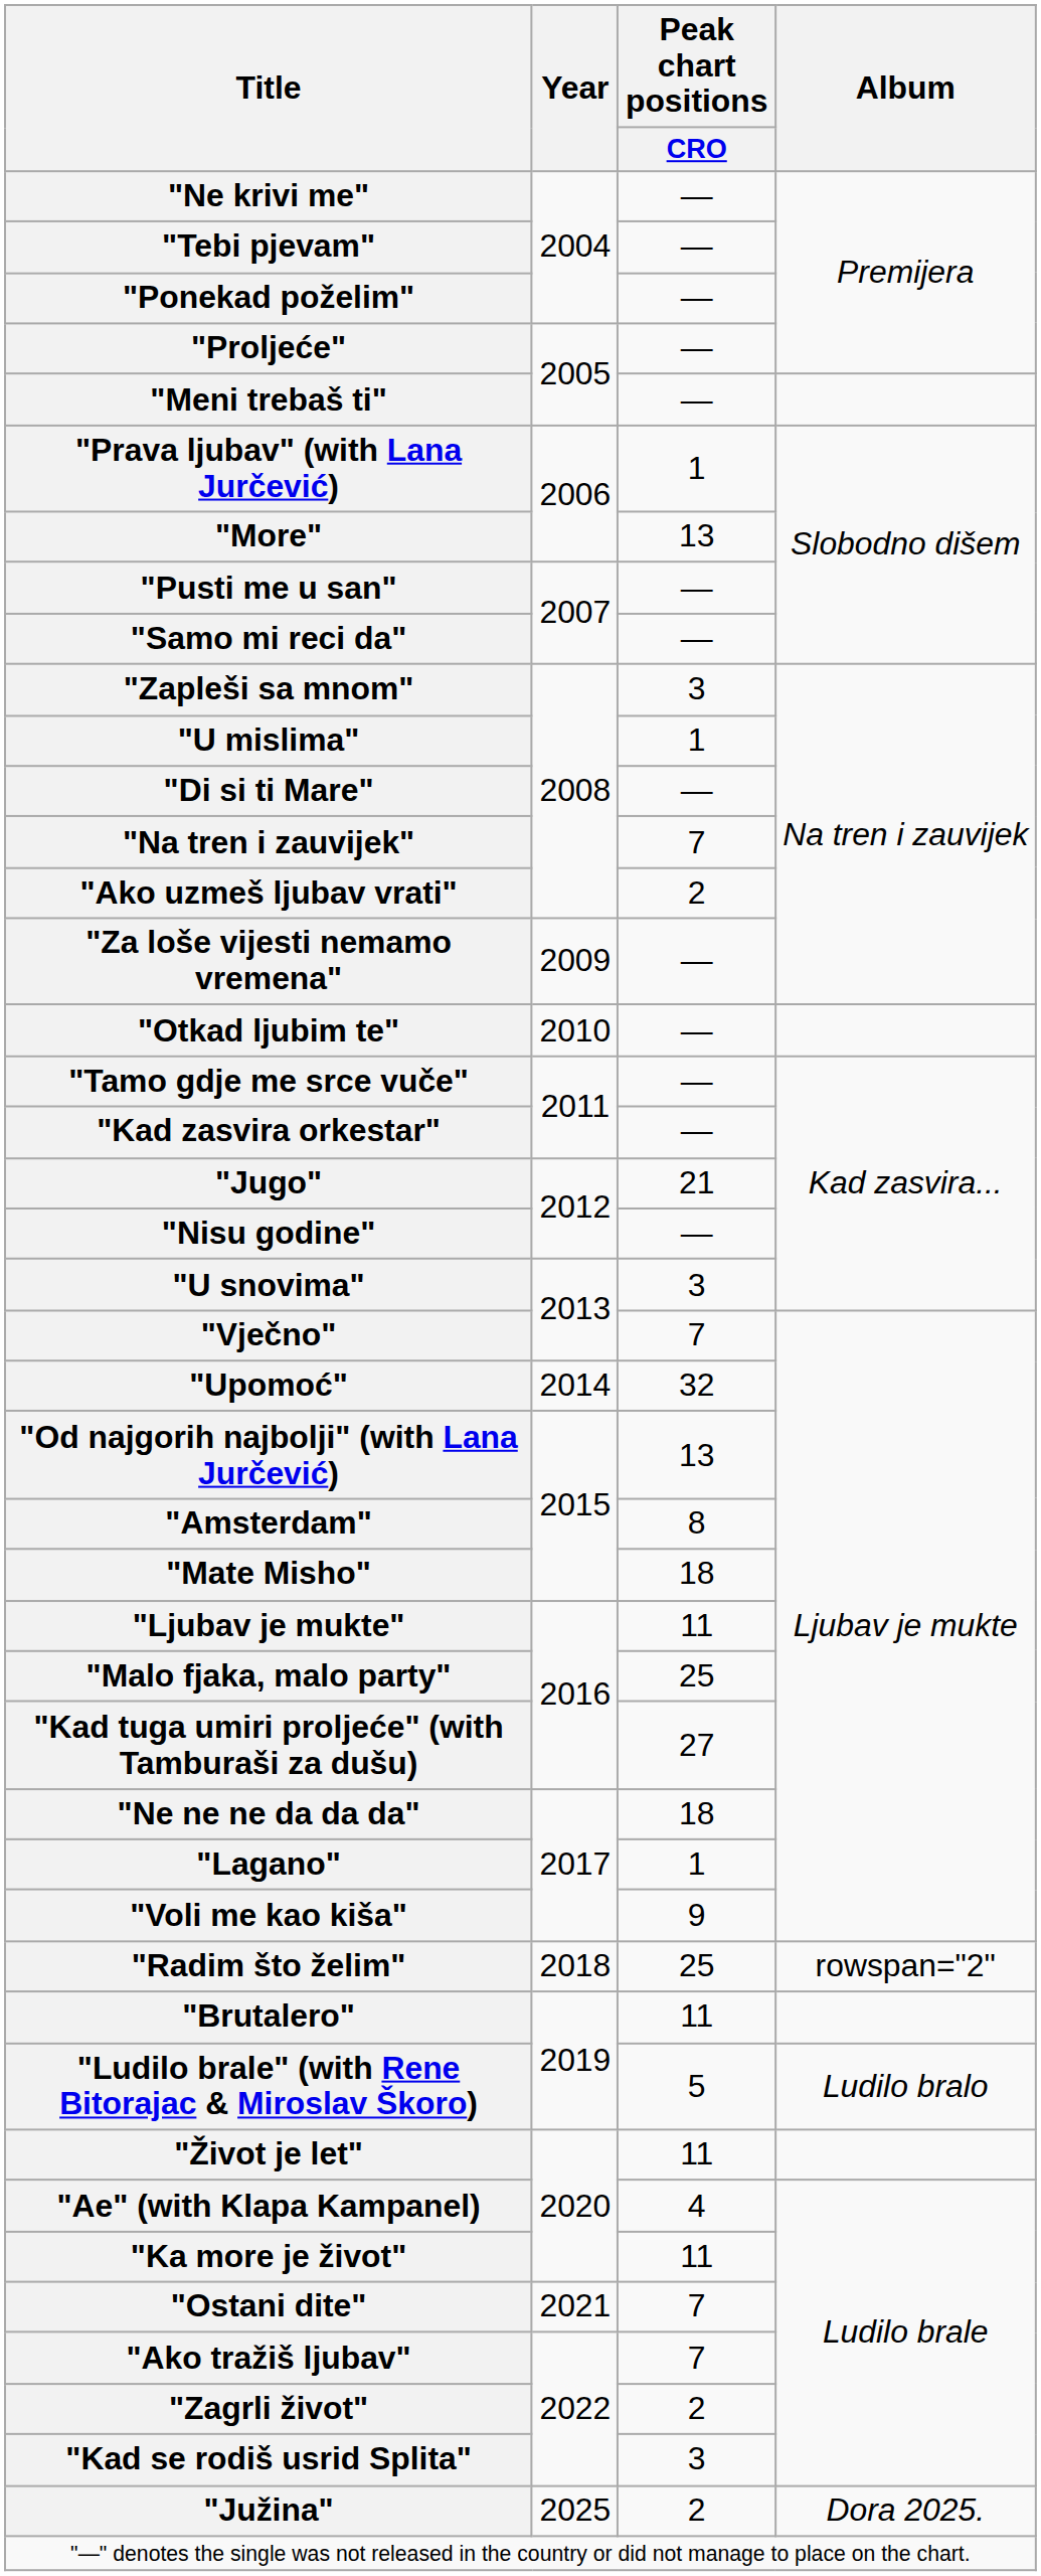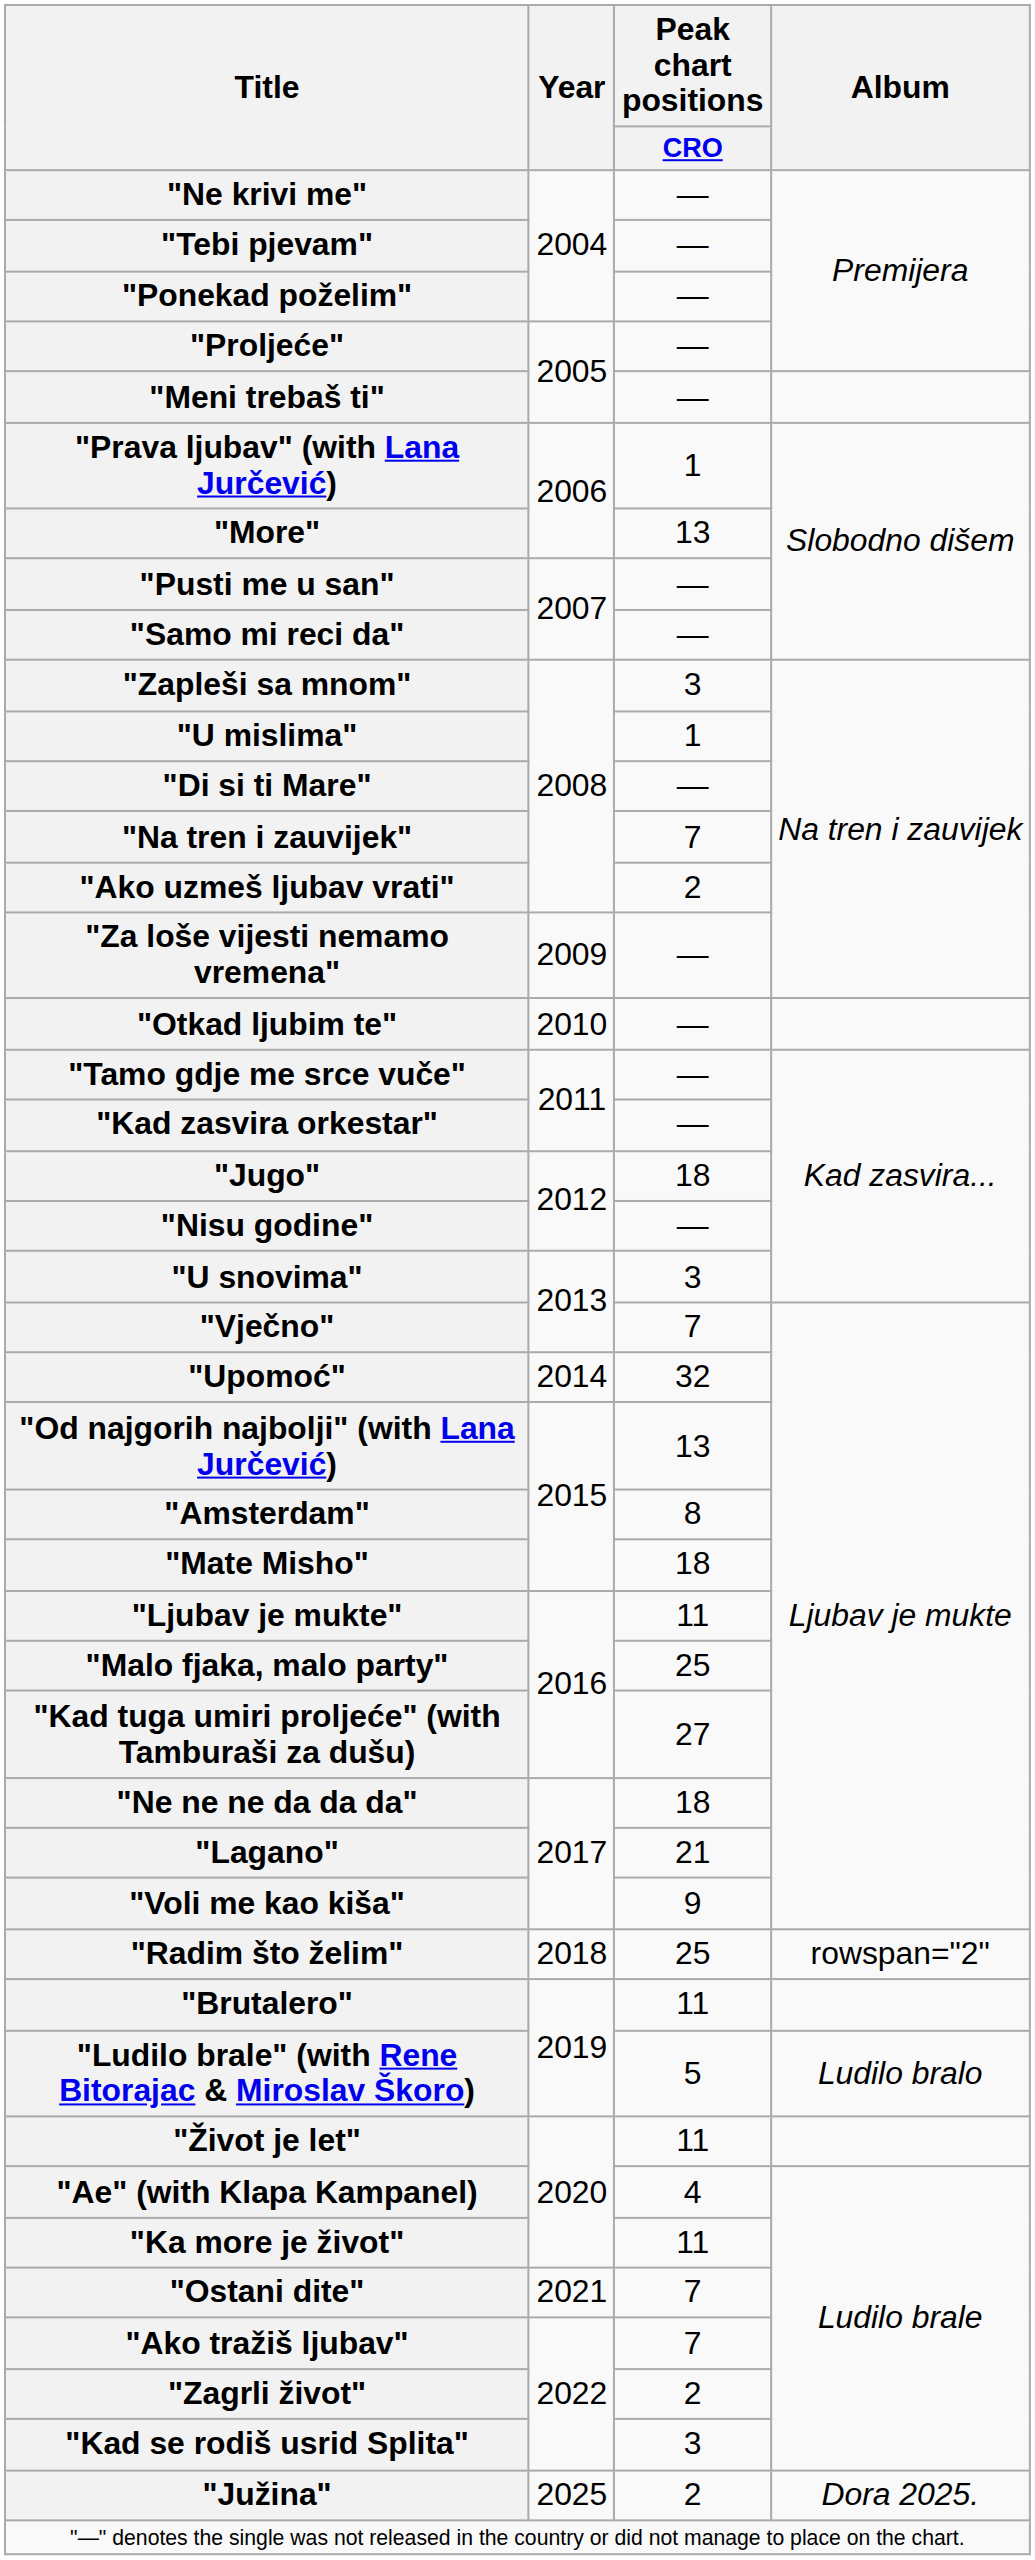 <table class="wikitable plainrowheaders" style="text-align:center;">
 <tr>
 <th scope="col" rowspan="2" style="width:16em;">Title</th>
 <th scope="col" rowspan="2" style="width:1em;">Year</th>
 <th scope="col" colspan="1">Peak chart positions</th>
 <th scope="col" rowspan="2">Album</th>
 </tr>
 <tr>
 <th scope="col" style="width:3em;font-size:85%;"><a href='#'>CRO</a><br></th>
 </tr>
 <tr>
 <th scope="row">"Ne krivi me"</th>
 <td rowspan="3">2004</td>
 <td>—</td>
 <td rowspan="4"><em>Premijera</em></td>
 </tr>
 <tr>
 <th scope="row">"Tebi pjevam"</th>
 <td>—</td>
 </tr>
 <tr>
 <th scope="row">"Ponekad poželim"</th>
 <td>—</td>
 </tr>
 <tr>
 <th scope="row">"Proljeće"</th>
 <td rowspan="2">2005</td>
 <td>—</td>
 </tr>
 <tr>
 <th scope="row">"Meni trebaš ti"</th>
 <td>—</td>
 <td></td>
 </tr>
 <tr>
 <th scope="row">"Prava ljubav" <span>(with <a href='#'>Lana Jurčević</a>)</span></th>
 <td rowspan="2">2006</td>
 <td>1</td>
 <td rowspan="4"><em>Slobodno dišem</em></td>
 </tr>
 <tr>
 <th scope="row">"More"</th>
 <td>13</td>
 </tr>
 <tr>
 <th scope="row">"Pusti me u san"</th>
 <td rowspan="2">2007</td>
 <td>—</td>
 </tr>
 <tr>
 <th scope="row">"Samo mi reci da"</th>
 <td>—</td>
 </tr>
 <tr>
 <th scope="row">"Zapleši sa mnom"</th>
 <td rowspan="5">2008</td>
 <td>3</td>
 <td rowspan="6"><em>Na tren i zauvijek</em></td>
 </tr>
 <tr>
 <th scope="row">"U mislima"</th>
 <td>1</td>
 </tr>
 <tr>
 <th scope="row">"Di si ti Mare"</th>
 <td>—</td>
 </tr>
 <tr>
 <th scope="row">"Na tren i zauvijek"</th>
 <td>7</td>
 </tr>
 <tr>
 <th scope="row">"Ako uzmeš ljubav vrati"</th>
 <td>2</td>
 </tr>
 <tr>
 <th scope="row">"Za loše vijesti nemamo vremena"</th>
 <td rowspan="1">2009</td>
 <td>—</td>
 </tr>
 <tr>
 <th scope="row">"Otkad ljubim te"</th>
 <td>2010</td>
 <td>—</td>
 <td></td>
 </tr>
 <tr>
 <th scope="row">"Tamo gdje me srce vuče"</th>
 <td rowspan="2">2011</td>
 <td>—</td>
 <td rowspan="5"><em>Kad zasvira...</em></td>
 </tr>
 <tr>
 <th scope="row">"Kad zasvira orkestar"</th>
 <td>—</td>
 </tr>
 <tr>
 <th scope="row">"Jugo"</th>
 <td rowspan="2">2012</td>
-<td>21</td>
+<td>18</td>
 </tr>
 <tr>
 <th scope="row">"Nisu godine"</th>
 <td>—</td>
 </tr>
 <tr>
 <th scope="row">"U snovima"</th>
 <td rowspan="2">2013</td>
 <td>3</td>
 </tr>
 <tr>
 <th scope="row">"Vječno"</th>
 <td>7</td>
 <td rowspan="11"><em>Ljubav je mukte</em></td>
 </tr>
 <tr>
 <th scope="row">"Upomoć"</th>
 <td>2014</td>
 <td>32</td>
 </tr>
 <tr>
 <th scope="row">"Od najgorih najbolji" <span>(with <a href='#'>Lana Jurčević</a>)</span></th>
 <td rowspan="3">2015</td>
 <td>13</td>
 </tr>
 <tr>
 <th scope="row">"Amsterdam"</th>
 <td>8</td>
 </tr>
 <tr>
 <th scope="row">"Mate Misho"</th>
 <td>18</td>
 </tr>
 <tr>
 <th scope="row">"Ljubav je mukte"</th>
 <td rowspan="3">2016</td>
 <td>11</td>
 </tr>
 <tr>
 <th scope="row">"Malo fjaka, malo party"</th>
 <td>25</td>
 </tr>
 <tr>
 <th scope="row">"Kad tuga umiri proljeće" <span>(with Tamburaši za dušu)</span></th>
 <td>27</td>
 </tr>
 <tr>
 <th scope="row">"Ne ne ne da da da"</th>
 <td rowspan="3">2017</td>
 <td>18</td>
 </tr>
 <tr>
 <th scope="row">"Lagano"</th>
-<td>1</td>
+<td>21</td>
 </tr>
 <tr>
 <th scope="row">"Voli me kao kiša"</th>
 <td>9</td>
 </tr>
 <tr>
 <th scope="row">"Radim što želim"</th>
 <td>2018</td>
 <td>25</td>
 <td>rowspan="2" </td>
 </tr>
 <tr>
 <th scope="row">"Brutalero"</th>
 <td rowspan="2">2019</td>
 <td>11</td>
 </tr>
 <tr>
 <th scope="row">"Ludilo brale" <span>(with <a href='#'>Rene Bitorajac</a> & <a href='#'>Miroslav Škoro</a>)</span></th>
 <td>5</td>
 <td><em>Ludilo bralo</em></td>
 </tr>
 <tr>
 <th scope="row">"Život je let"</th>
 <td rowspan="3">2020</td>
 <td>11</td>
 <td></td>
 </tr>
 <tr>
 <th scope="row">"Ae" <span>(with Klapa Kampanel)</span></th>
 <td>4</td>
 <td rowspan="6"><em>Ludilo brale</em></td>
 </tr>
 <tr>
 <th scope="row">"Ka more je život"</th>
 <td>11</td>
 </tr>
 <tr>
 <th scope="row">"Ostani dite"</th>
 <td>2021</td>
 <td>7</td>
 </tr>
 <tr>
 <th scope="row">"Ako tražiš ljubav"</th>
 <td rowspan="3">2022</td>
 <td>7</td>
 </tr>
 <tr>
 <th scope="row">"Zagrli život"</th>
 <td>2</td>
 </tr>
 <tr>
 <th scope="row">"Kad se rodiš usrid Splita"</th>
 <td>3</td>
 </tr>
 <tr>
 <th scope="row">"Južina"</th>
 <td>2025</td>
 <td>2</td>
 <td><em>Dora 2025.</em></td>
 </tr>
 <tr>
 <td align="center" colspan="6" style="font-size: 8pt">"—" denotes the single was not released in the country or did not manage to place on the chart.</td>
 </tr>
 </table>
